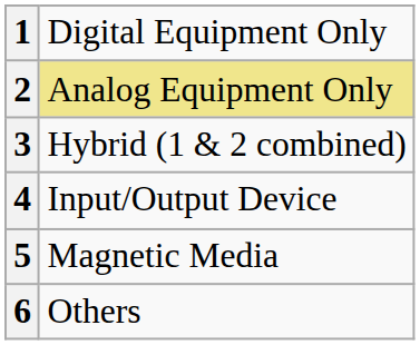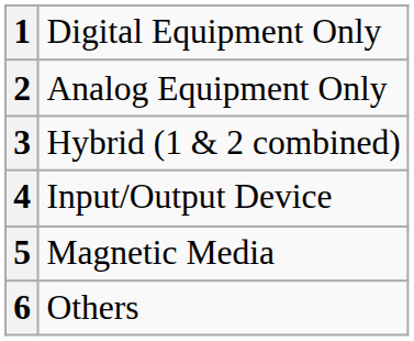 <table class="wikitable">
 <tr>
 <th>1</th>
 <td>Digital Equipment Only</td>
 </tr>
 <tr>
 <th>2</th>
-<td style="background: khaki;">Analog Equipment Only</td>
+<td>Analog Equipment Only</td>
 </tr>
 <tr>
 <th>3</th>
 <td>Hybrid (1 & 2 combined)</td>
 </tr>
 <tr>
 <th>4</th>
 <td>Input/Output Device</td>
 </tr>
 <tr>
 <th>5</th>
 <td>Magnetic Media</td>
 </tr>
 <tr>
 <th>6</th>
 <td>Others</td>
 </tr>
 </table>
